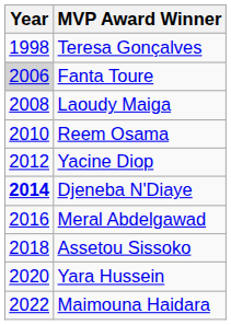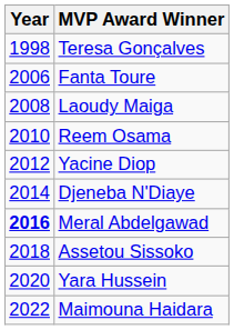 <table class=wikitable>
 <tr>
 <th>Year</th>
 <th>MVP Award Winner</th>
 </tr>
 <tr>
 <td><a href='#'>1998</a></td>
 <td> <a href='#'>Teresa Gonçalves</a></td>
 </tr>
 <tr>
-<td style="background: lightgrey;"><a href='#'>2006</a></td>
+<td><a href='#'>2006</a></td>
 <td> <a href='#'>Fanta Toure</a></td>
 </tr>
 <tr>
 <td><a href='#'>2008</a></td>
 <td> <a href='#'>Laoudy Maiga</a></td>
 </tr>
 <tr>
 <td><a href='#'>2010</a></td>
 <td> <a href='#'>Reem Osama</a></td>
 </tr>
 <tr>
 <td><a href='#'>2012</a></td>
 <td> <a href='#'>Yacine Diop</a></td>
 </tr>
 <tr>
-<td><strong><a href='#'>2014</a></strong></td>
+<td><a href='#'>2014</a></td>
 <td> <a href='#'>Djeneba N'Diaye</a></td>
 </tr>
 <tr>
-<td><a href='#'>2016</a></td>
+<td><strong><a href='#'>2016</a></strong></td>
 <td> <a href='#'>Meral Abdelgawad</a></td>
 </tr>
 <tr>
 <td><a href='#'>2018</a></td>
 <td> <a href='#'>Assetou Sissoko</a></td>
 </tr>
 <tr>
 <td><a href='#'>2020</a></td>
 <td> <a href='#'>Yara Hussein</a></td>
 </tr>
 <tr>
 <td><a href='#'>2022</a></td>
 <td> <a href='#'>Maimouna Haidara</a></td>
 </tr>
 </table>
